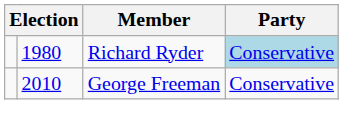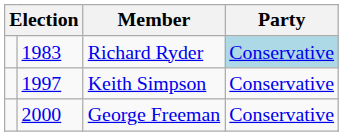 <table class="wikitable">
 <tr>
 <th colspan="2">Election</th>
 <th>Member</th>
 <th>Party</th>
 </tr>
 <tr>
 <td style="color:inherit;background-color: "></td>
-<td><a href='#'>1980</a></td>
+<td><a href='#'>1983</a></td>
 <td><a href='#'>Richard Ryder</a></td>
 <td style="background: lightblue;"><a href='#'>Conservative</a></td>
 </tr>
 <tr>
 <td style="color:inherit;background-color: "></td>
-<td><a href='#'>2010</a></td>
+<td><a href='#'>1997</a></td>
+<td><a href='#'>Keith Simpson</a></td>
+<td><a href='#'>Conservative</a></td>
+</tr>
+<tr>
+<td style="color:inherit;background-color: "></td>
+<td><a href='#'>2000</a></td>
 <td><a href='#'>George Freeman</a></td>
 <td><a href='#'>Conservative</a></td>
 </tr>
 </table>
